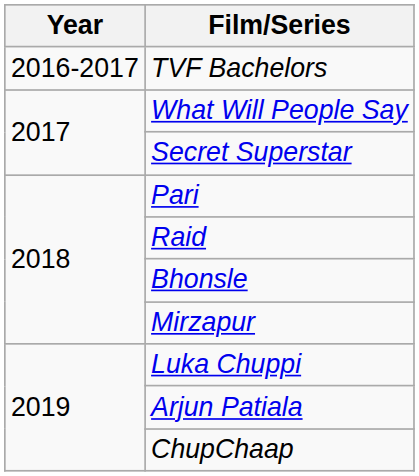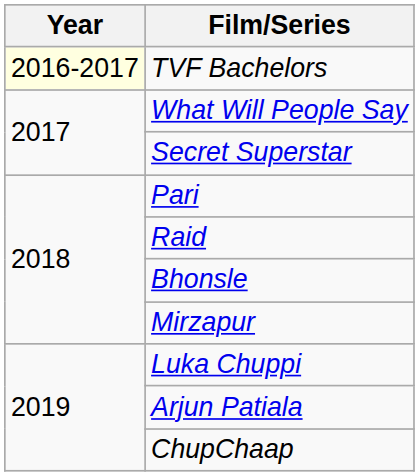 <table class="wikitable sortable">
 <tr>
 <th>Year</th>
 <th>Film/Series</th>
 </tr>
 <tr>
-<td>2016-2017</td>
+<td style="background: lightyellow;">2016-2017</td>
 <td><em>TVF Bachelors</em></td>
 </tr>
 <tr>
 <td rowspan="2">2017</td>
 <td><em><a href='#'>What Will People Say</a></em></td>
 </tr>
 <tr>
 <td><em><a href='#'>Secret Superstar</a></em></td>
 </tr>
 <tr>
 <td rowspan="4">2018</td>
 <td><em><a href='#'>Pari</a></em></td>
 </tr>
 <tr>
 <td><em><a href='#'>Raid</a></em></td>
 </tr>
 <tr>
 <td><em><a href='#'>Bhonsle</a></em></td>
 </tr>
 <tr>
 <td><em><a href='#'>Mirzapur</a></em></td>
 </tr>
 <tr>
 <td rowspan="3">2019</td>
 <td><em><a href='#'>Luka Chuppi</a></em></td>
 </tr>
 <tr>
 <td><em><a href='#'>Arjun Patiala</a></em></td>
 </tr>
 <tr>
 <td><em>ChupChaap</em></td>
 </tr>
 </table>
